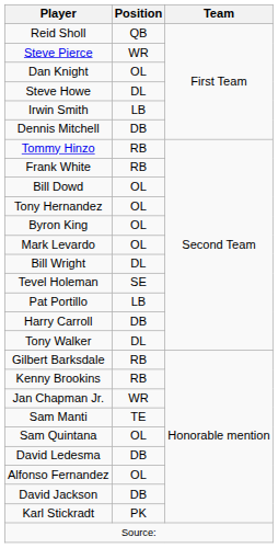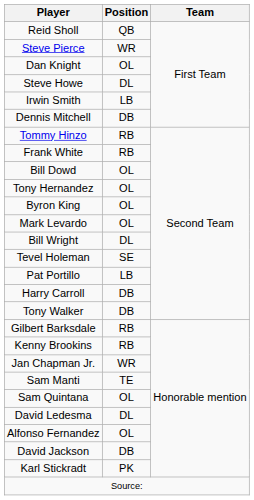 <table class="wikitable" style="text-align: center">
 <tr align=center>
 <th>Player</th>
 <th>Position</th>
 <th>Team</th>
 </tr>
 <tr>
 <td>Reid Sholl</td>
 <td>QB</td>
 <td rowspan=6>First Team</td>
 </tr>
 <tr>
 <td><a href='#'>Steve Pierce</a></td>
 <td>WR</td>
 </tr>
 <tr>
 <td>Dan Knight</td>
 <td>OL</td>
 </tr>
 <tr>
 <td>Steve Howe</td>
 <td>DL</td>
 </tr>
 <tr>
 <td>Irwin Smith</td>
 <td>LB</td>
 </tr>
 <tr>
 <td>Dennis Mitchell</td>
 <td>DB</td>
 </tr>
 <tr>
 <td><a href='#'>Tommy Hinzo</a></td>
 <td>RB</td>
 <td rowspan=11>Second Team</td>
 </tr>
 <tr>
 <td>Frank White</td>
 <td>RB</td>
 </tr>
 <tr>
 <td>Bill Dowd</td>
 <td>OL</td>
 </tr>
 <tr>
 <td>Tony Hernandez</td>
 <td>OL</td>
 </tr>
 <tr>
 <td>Byron King</td>
 <td>OL</td>
 </tr>
 <tr>
 <td>Mark Levardo</td>
 <td>OL</td>
 </tr>
 <tr>
 <td>Bill Wright</td>
 <td>DL</td>
 </tr>
 <tr>
 <td>Tevel Holeman</td>
 <td>SE</td>
 </tr>
 <tr>
 <td>Pat Portillo</td>
 <td>LB</td>
 </tr>
 <tr>
 <td>Harry Carroll</td>
 <td>DB</td>
 </tr>
 <tr>
 <td>Tony Walker</td>
-<td>DL</td>
+<td>DB</td>
 </tr>
 <tr>
 <td>Gilbert Barksdale</td>
 <td>RB</td>
 <td rowspan=9>Honorable mention</td>
 </tr>
 <tr>
 <td>Kenny Brookins</td>
 <td>RB</td>
 </tr>
 <tr>
 <td>Jan Chapman Jr.</td>
 <td>WR</td>
 </tr>
 <tr>
 <td>Sam Manti</td>
 <td>TE</td>
 </tr>
 <tr>
 <td>Sam Quintana</td>
 <td>OL</td>
 </tr>
 <tr>
 <td>David Ledesma</td>
-<td>DB</td>
+<td>DL</td>
 </tr>
 <tr>
 <td>Alfonso Fernandez</td>
 <td>OL</td>
 </tr>
 <tr>
 <td>David Jackson</td>
 <td>DB</td>
 </tr>
 <tr>
 <td>Karl Stickradt</td>
 <td>PK</td>
 </tr>
 <tr>
 <td colspan="3"><small>Source:</small></td>
 </tr>
 </table>
